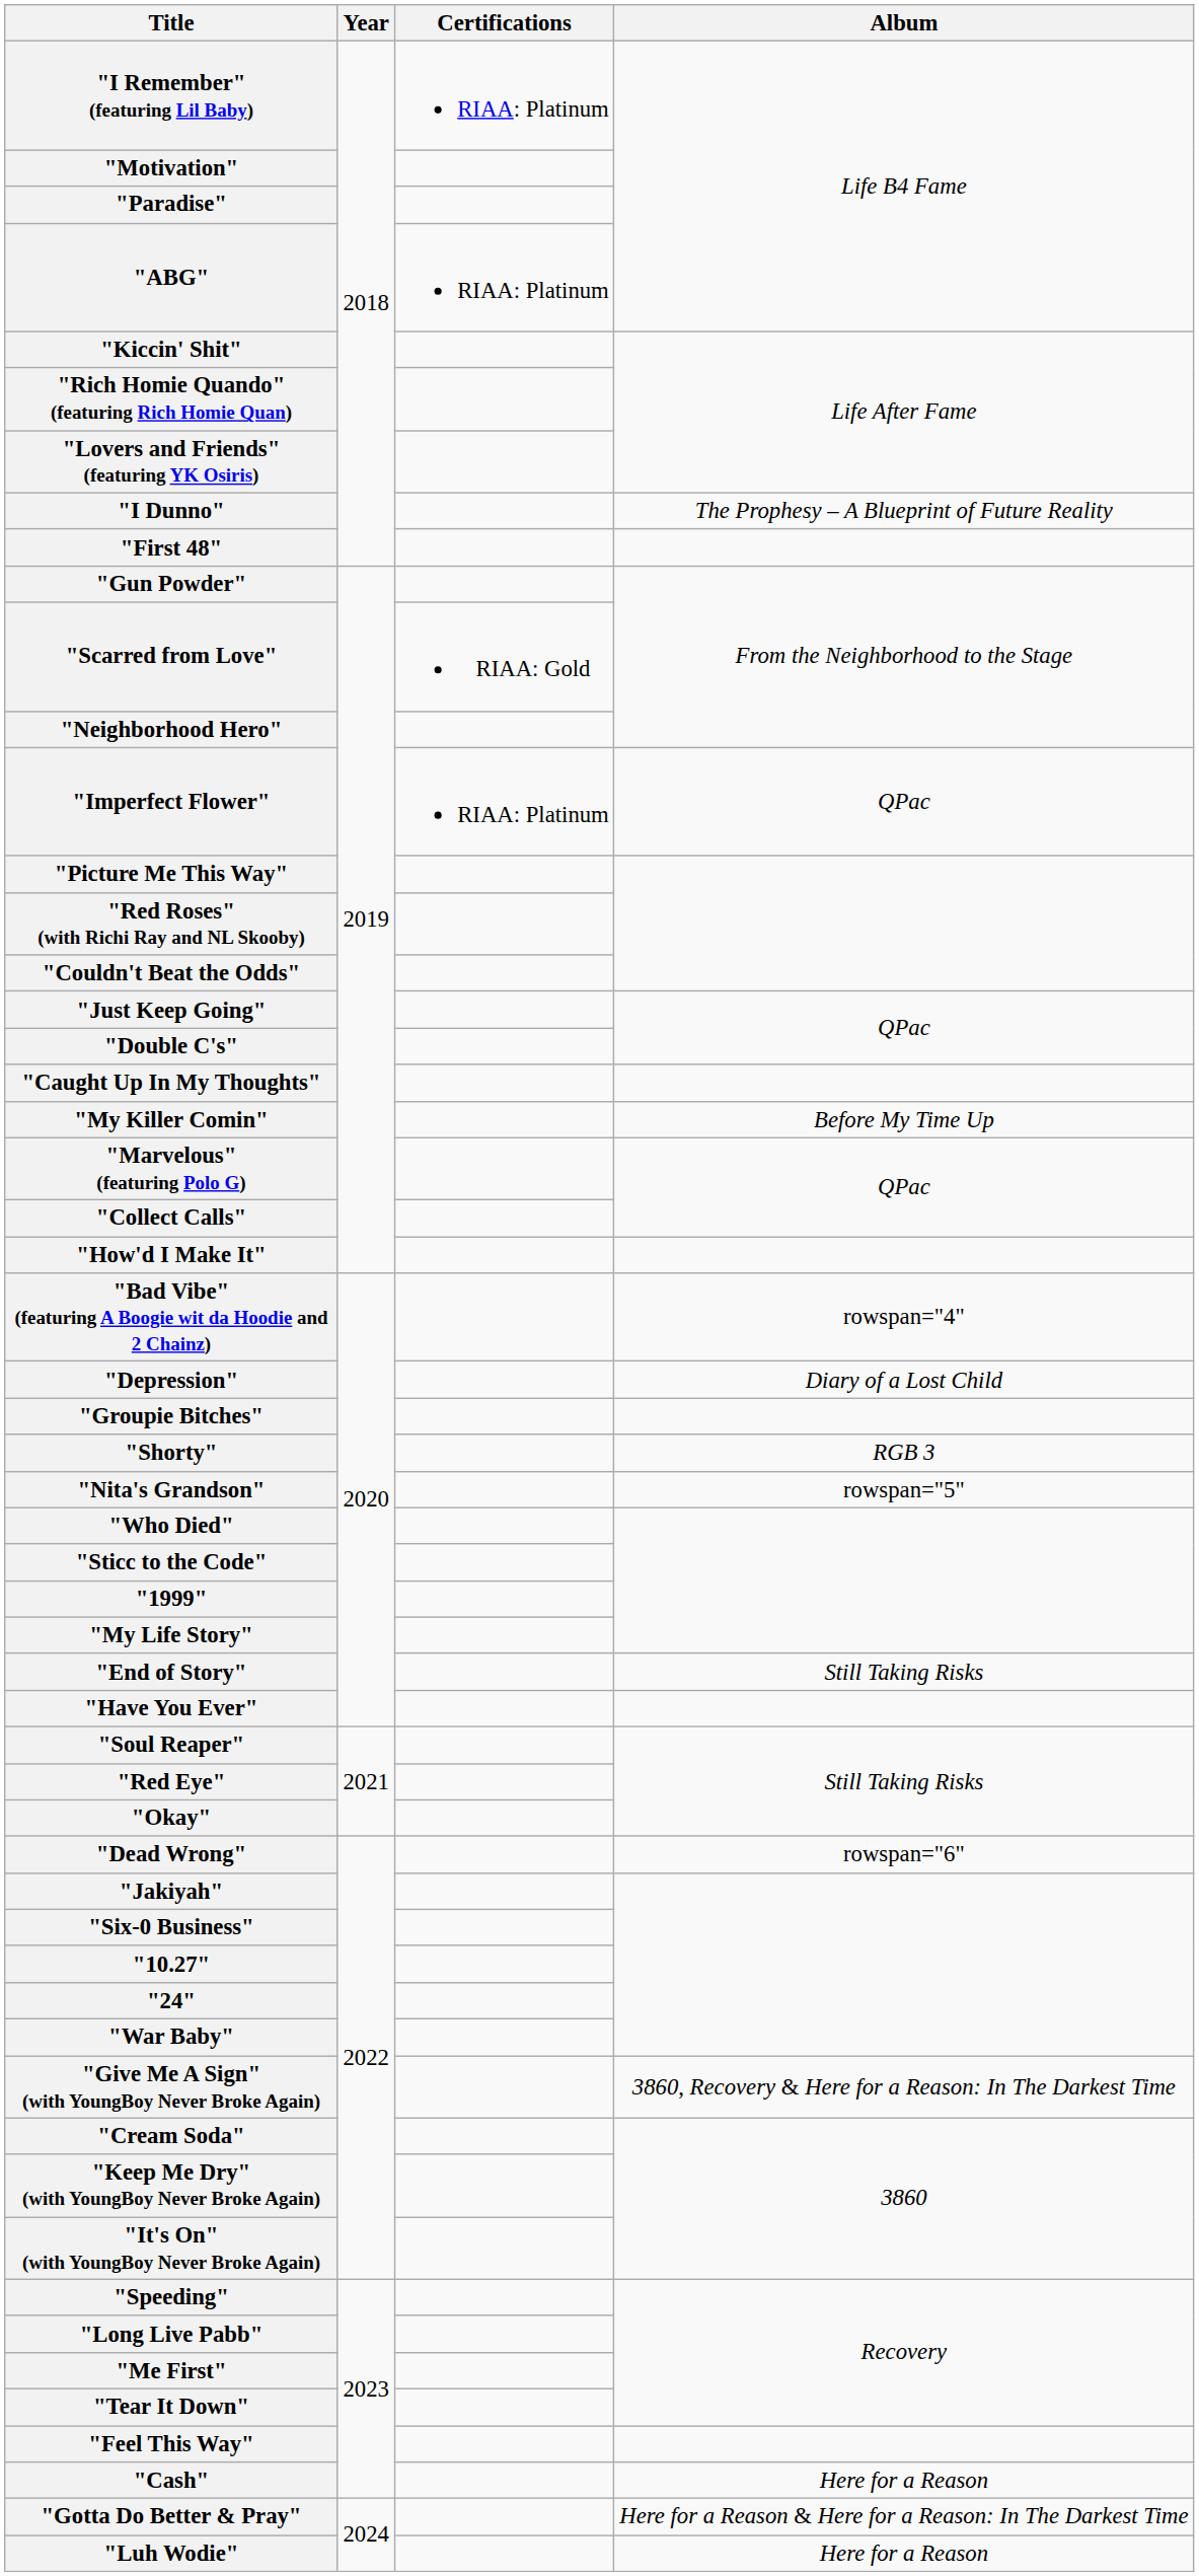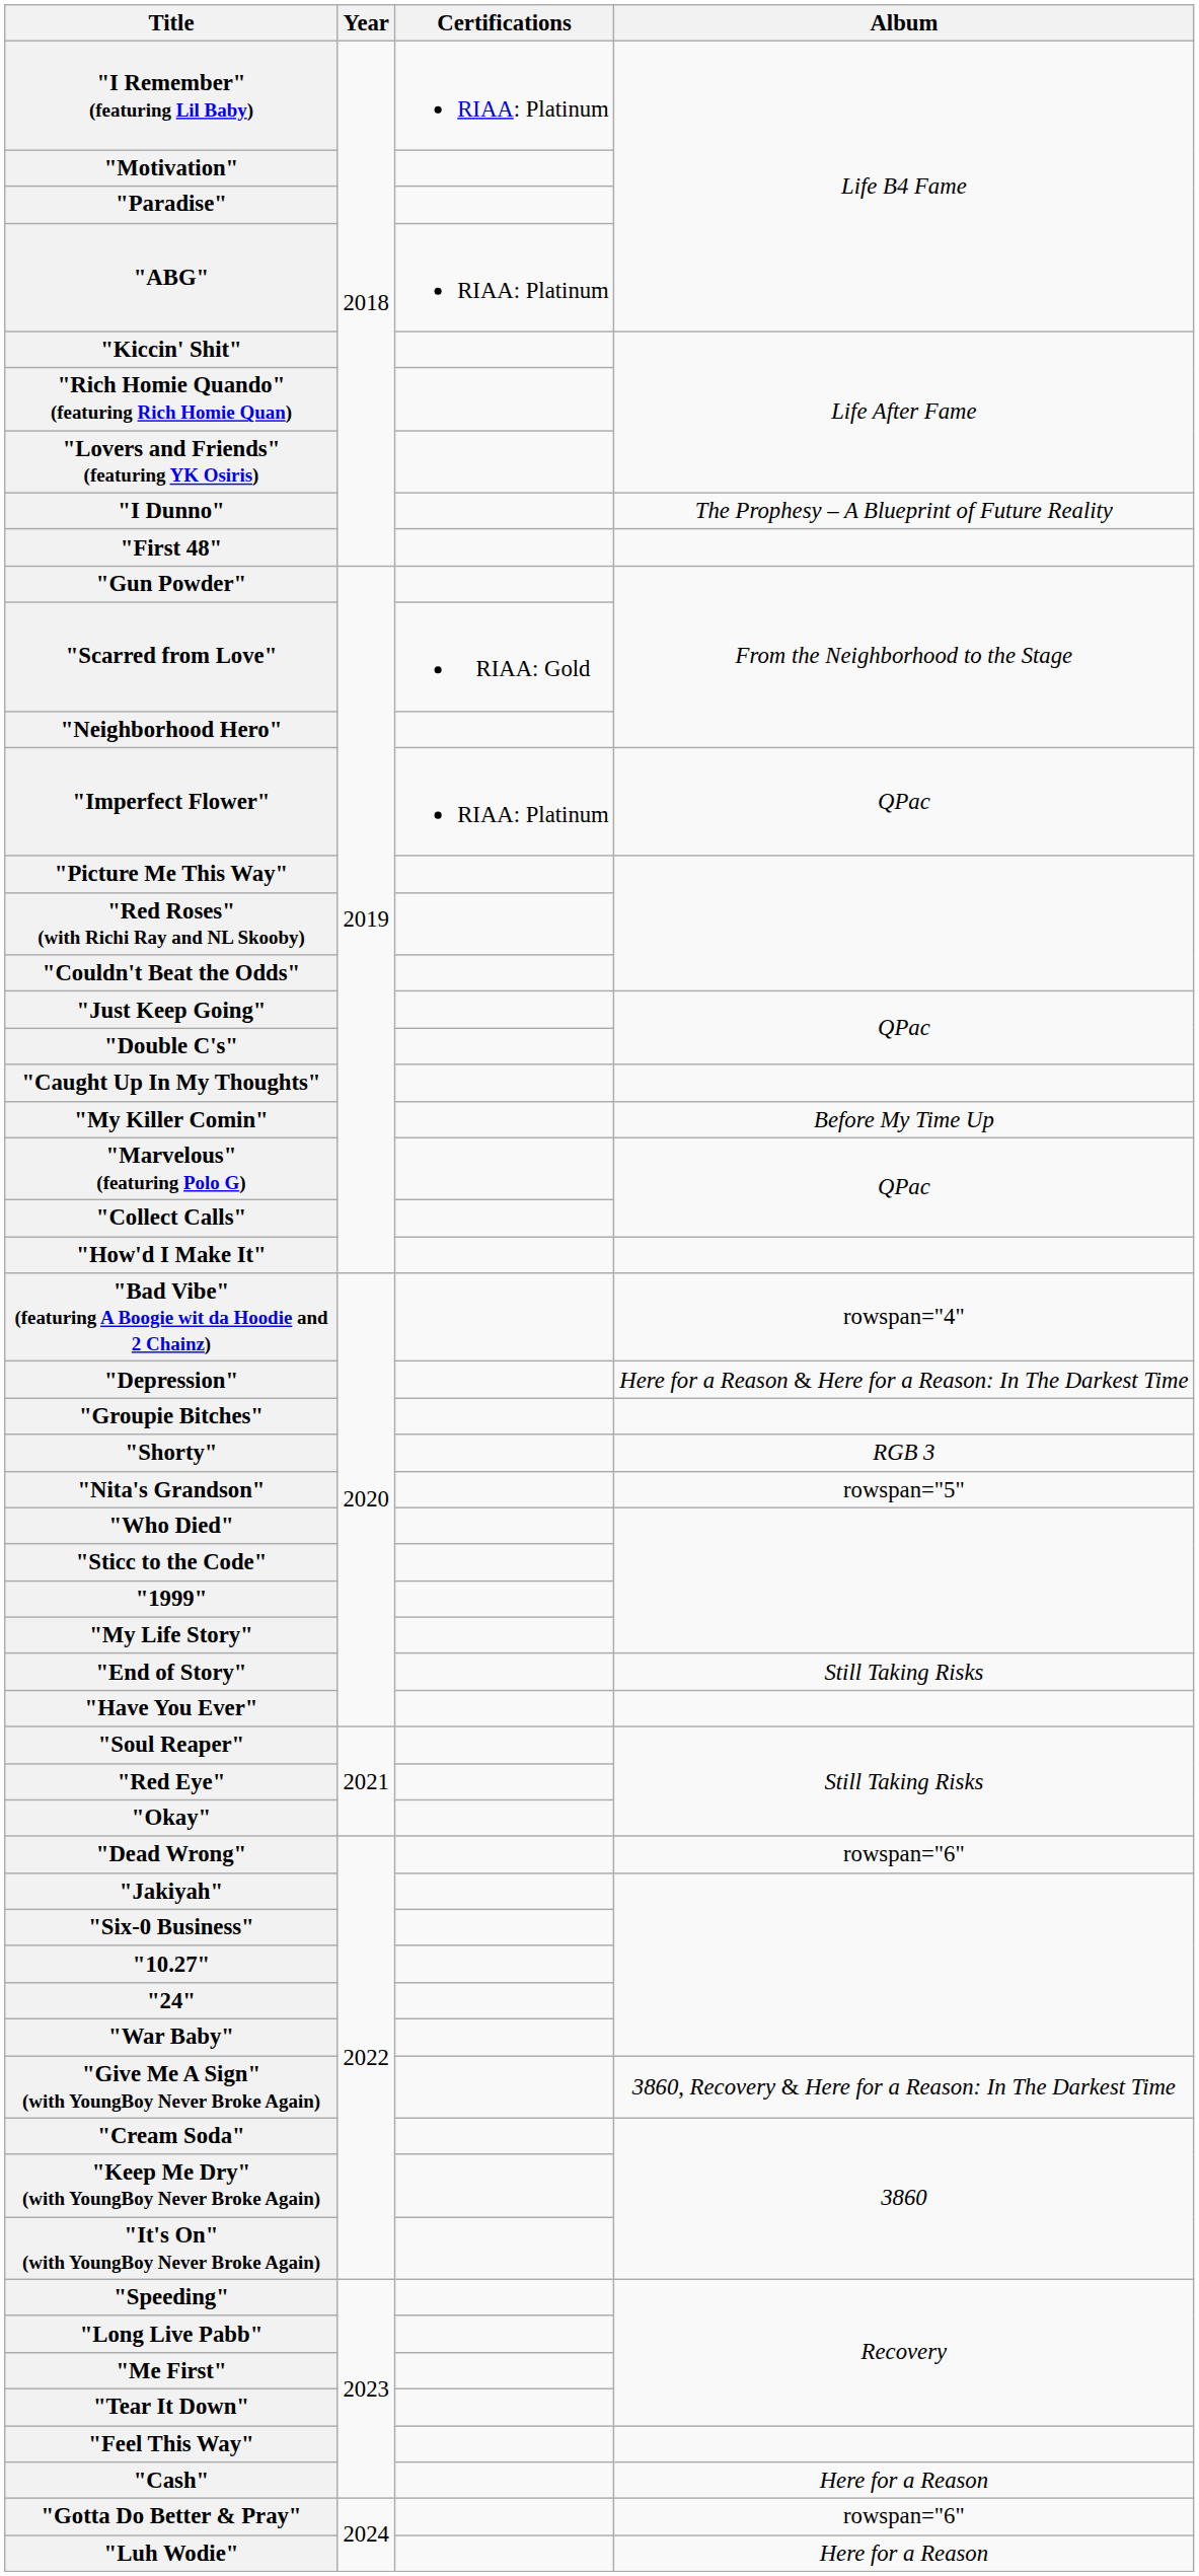 <table class="wikitable plainrowheaders" style="text-align:center;">
 <tr>
 <th scope="col" style="width:14em;">Title</th>
 <th scope="col">Year</th>
 <th scope="col">Certifications</th>
 <th scope="col">Album</th>
 </tr>
 <tr>
 <th scope="row">"I Remember"<br><small>(featuring <a href='#'>Lil Baby</a>)</small></th>
 <td rowspan="9">2018</td>
 <td><br><ul><li><a href='#'>RIAA</a>: Platinum</li></ul></td>
 <td rowspan="4"><em>Life B4 Fame</em></td>
 </tr>
 <tr>
 <th scope="row">"Motivation"</th>
 <td></td>
 </tr>
 <tr>
 <th scope="row">"Paradise"</th>
 <td></td>
 </tr>
 <tr>
 <th scope="row">"ABG"</th>
 <td><br><ul><li>RIAA: Platinum</li></ul></td>
 </tr>
 <tr>
 <th scope="row">"Kiccin' Shit"</th>
 <td></td>
 <td rowspan="3"><em>Life After Fame</em></td>
 </tr>
 <tr>
 <th scope="row">"Rich Homie Quando"<br><small>(featuring <a href='#'>Rich Homie Quan</a>)</small></th>
 <td></td>
 </tr>
 <tr>
 <th scope="row">"Lovers and Friends"<br><small>(featuring <a href='#'>YK Osiris</a>)</small></th>
 <td></td>
 </tr>
 <tr>
 <th scope="row">"I Dunno"</th>
 <td></td>
 <td><em>The Prophesy – A Blueprint of Future Reality</em></td>
 </tr>
 <tr>
 <th scope="row">"First 48"</th>
 <td></td>
 <td></td>
 </tr>
 <tr>
 <th scope="row">"Gun Powder"</th>
 <td rowspan="14">2019</td>
 <td></td>
 <td rowspan="3"><em>From the Neighborhood to the Stage</em></td>
 </tr>
 <tr>
 <th scope="row">"Scarred from Love"</th>
 <td><br><ul><li>RIAA: Gold</li></ul></td>
 </tr>
 <tr>
 <th scope="row">"Neighborhood Hero"</th>
 <td></td>
 </tr>
 <tr>
 <th scope="row">"Imperfect Flower"</th>
 <td><br><ul><li>RIAA: Platinum</li></ul></td>
 <td><em>QPac</em></td>
 </tr>
 <tr>
 <th scope="row">"Picture Me This Way"</th>
 <td></td>
 </tr>
 <tr>
 <th scope="row">"Red Roses"<br><small>(with Richi Ray and NL Skooby)</small></th>
 <td></td>
 </tr>
 <tr>
 <th scope="row">"Couldn't Beat the Odds"</th>
 <td></td>
 </tr>
 <tr>
 <th scope="row">"Just Keep Going"</th>
 <td></td>
 <td rowspan="2"><em>QPac</em></td>
 </tr>
 <tr>
 <th scope="row">"Double C's"</th>
 <td></td>
 </tr>
 <tr>
 <th scope="row">"Caught Up In My Thoughts"</th>
 <td></td>
 <td></td>
 </tr>
 <tr>
 <th scope="row">"My Killer Comin"</th>
 <td></td>
 <td><em>Before My Time Up</em></td>
 </tr>
 <tr>
 <th scope="row">"Marvelous"<br><small>(featuring <a href='#'>Polo G</a>)</small></th>
 <td></td>
 <td rowspan="2"><em>QPac</em></td>
 </tr>
 <tr>
 <th scope="row">"Collect Calls"</th>
 <td></td>
 </tr>
 <tr>
 <th scope="row">"How'd I Make It"</th>
 <td></td>
 <td></td>
 </tr>
 <tr>
 <th scope="row">"Bad Vibe"<br><small>(featuring <a href='#'>A Boogie wit da Hoodie</a> and <a href='#'>2 Chainz</a>)</small></th>
 <td rowspan="11">2020</td>
 <td></td>
 <td>rowspan="4" </td>
 </tr>
 <tr>
 <th scope="row">"Depression"</th>
 <td></td>
-<td><em>Diary of a Lost Child</em></td>
+<td><em>Here for a Reason</em> & <em>Here for a Reason: In The Darkest Time</em></td>
 </tr>
 <tr>
 <th scope="row">"Groupie Bitches"</th>
 <td></td>
 <td></td>
 </tr>
 <tr>
 <th scope="row">"Shorty"</th>
 <td></td>
 <td><em>RGB 3</em></td>
 </tr>
 <tr>
 <th scope="row">"Nita's Grandson"</th>
 <td></td>
 <td>rowspan="5" </td>
 </tr>
 <tr>
 <th scope="row">"Who Died"</th>
 <td></td>
 </tr>
 <tr>
 <th scope="row">"Sticc to the Code"</th>
 <td></td>
 </tr>
 <tr>
 <th scope="row">"1999"</th>
 <td></td>
 </tr>
 <tr>
 <th scope="row">"My Life Story"</th>
 <td></td>
 </tr>
 <tr>
 <th scope="row">"End of Story"</th>
 <td></td>
 <td><em>Still Taking Risks</em></td>
 </tr>
 <tr>
 <th scope="row">"Have You Ever"</th>
 <td></td>
 <td></td>
 </tr>
 <tr>
 <th scope="row">"Soul Reaper"</th>
 <td rowspan="3">2021</td>
 <td></td>
 <td rowspan="3"><em>Still Taking Risks</em></td>
 </tr>
 <tr>
 <th scope="row">"Red Eye"</th>
 <td></td>
 </tr>
 <tr>
 <th scope="row">"Okay"</th>
 <td></td>
 </tr>
 <tr>
 <th scope="row">"Dead Wrong"</th>
 <td rowspan="10">2022</td>
 <td></td>
 <td>rowspan="6" </td>
 </tr>
 <tr>
 <th scope="row">"Jakiyah"</th>
 <td></td>
 </tr>
 <tr>
 <th scope="row">"Six-0 Business"</th>
 <td></td>
 </tr>
 <tr>
 <th scope="row">"10.27"</th>
 <td></td>
 </tr>
 <tr>
 <th scope="row">"24"</th>
 <td></td>
 </tr>
 <tr>
 <th scope="row">"War Baby"</th>
 <td></td>
 </tr>
 <tr>
 <th scope="row">"Give Me A Sign"<br><small>(with YoungBoy Never Broke Again)</small></th>
 <td></td>
 <td><em>3860</em>, <em>Recovery</em> & <em>Here for a Reason: In The Darkest Time</em></td>
 </tr>
 <tr>
 <th scope="row">"Cream Soda"</th>
 <td></td>
 <td rowspan="3"><em>3860</em></td>
 </tr>
 <tr>
 <th scope="row">"Keep Me Dry"<br><small>(with YoungBoy Never Broke Again)</small></th>
 <td></td>
 </tr>
 <tr>
 <th scope="row">"It's On"<br><small>(with YoungBoy Never Broke Again)</small></th>
 <td></td>
 </tr>
 <tr>
 <th scope="row">"Speeding"</th>
 <td rowspan="6">2023</td>
 <td></td>
 <td rowspan="4"><em>Recovery</em></td>
 </tr>
 <tr>
 <th scope="row">"Long Live Pabb"</th>
 <td></td>
 </tr>
 <tr>
 <th scope="row">"Me First"</th>
 <td></td>
 </tr>
 <tr>
 <th scope="row">"Tear It Down"</th>
 </tr>
 <tr>
 <th scope="row">"Feel This Way"</th>
 <td></td>
 <td></td>
 </tr>
 <tr>
 <th scope="row">"Cash"</th>
 <td></td>
 <td><em>Here for a Reason</em></td>
 </tr>
 <tr>
 <th scope="row">"Gotta Do Better & Pray"</th>
 <td rowspan="2">2024</td>
 <td></td>
-<td><em>Here for a Reason</em> & <em>Here for a Reason: In The Darkest Time</em></td>
+<td>rowspan="6" </td>
 </tr>
 <tr>
 <th scope="row">"Luh Wodie"</th>
 <td></td>
 <td><em>Here for a Reason</em></td>
 </tr>
 </table>
